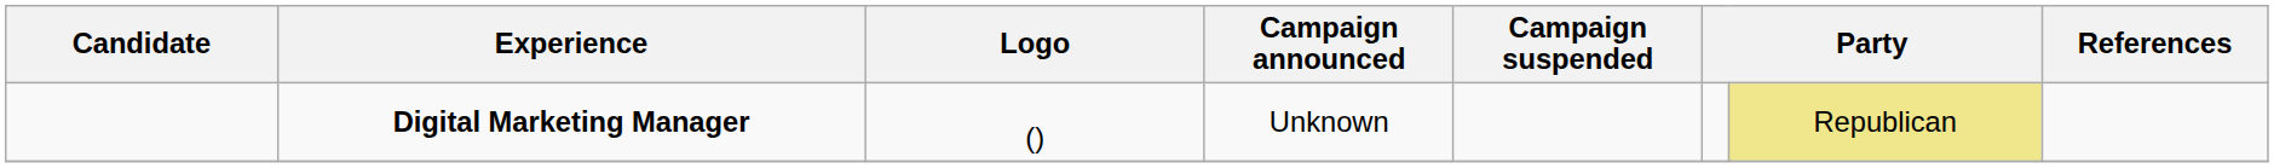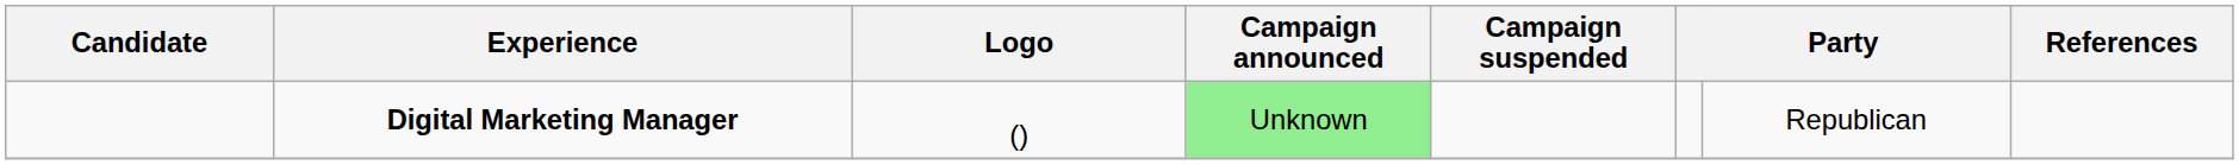 <table class="wikitable sortable" style="text-align: center; width: 100%;">
 <tr>
 <th scope="col" align="center" style="width: 12%;">Candidate</th>
 <th scope="col" align="center" style="width: 26%;">Experience</th>
 <th scope="col" align="center" style="width: 15%;">Logo</th>
 <th scope="col" align="center" style="width: 11%;">Campaign announced</th>
 <th scope="col" align="center" style="width: 11%;">Campaign suspended</th>
 <th scope="col" align="center" style="width: 15%;" colspan="2" class="unsortable">Party<br></th>
 <th scope="col" align="center" style="width: 10%;">References</th>
 </tr>
 <tr>
 <td><br></td>
 <td><strong>Digital Marketing Manager</strong></td>
 <td><br>()</td>
-<td>Unknown</td>
+<td style="background: lightgreen;">Unknown</td>
 <td></td>
 <td bgcolor=></td>
-<td style="background: khaki;">Republican</td>
+<td>Republican</td>
 <td></td>
 </tr>
 <tr>
 </tr>
 </table>
